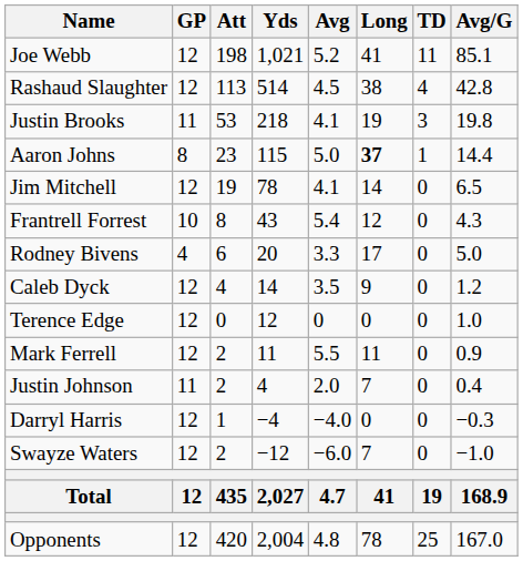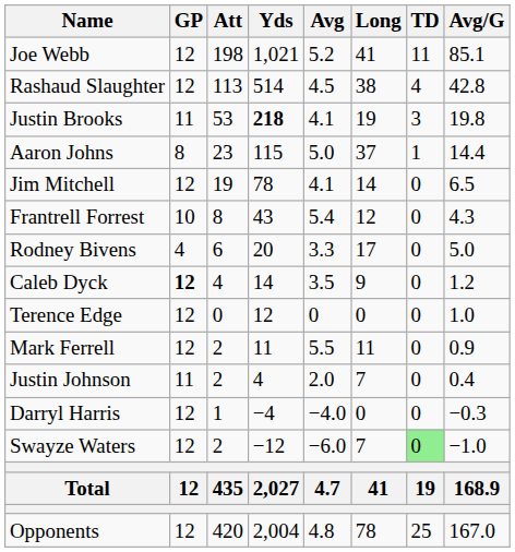 <table class="wikitable" style="white-space:nowrap;" style="text-align:center;">
 <tr>
 <th>Name</th>
 <th>GP</th>
 <th>Att</th>
 <th>Yds</th>
 <th>Avg</th>
 <th>Long</th>
 <th>TD</th>
 <th>Avg/G</th>
 </tr>
 <tr>
 <td align=left>Joe Webb</td>
 <td>12</td>
 <td>198</td>
 <td>1,021</td>
 <td>5.2</td>
 <td>41</td>
 <td>11</td>
 <td>85.1</td>
 </tr>
 <tr>
 <td align=left>Rashaud Slaughter</td>
 <td>12</td>
 <td>113</td>
 <td>514</td>
 <td>4.5</td>
 <td>38</td>
 <td>4</td>
 <td>42.8</td>
 </tr>
 <tr>
 <td align=left>Justin Brooks</td>
 <td>11</td>
 <td>53</td>
-<td>218</td>
+<td><strong>218</strong></td>
 <td>4.1</td>
 <td>19</td>
 <td>3</td>
 <td>19.8</td>
 </tr>
 <tr>
 <td align=left>Aaron Johns</td>
 <td>8</td>
 <td>23</td>
 <td>115</td>
 <td>5.0</td>
-<td><strong>37</strong></td>
+<td>37</td>
 <td>1</td>
 <td>14.4</td>
 </tr>
 <tr>
 <td align=left>Jim Mitchell</td>
 <td>12</td>
 <td>19</td>
 <td>78</td>
 <td>4.1</td>
 <td>14</td>
 <td>0</td>
 <td>6.5</td>
 </tr>
 <tr>
 <td align=left>Frantrell Forrest</td>
 <td>10</td>
 <td>8</td>
 <td>43</td>
 <td>5.4</td>
 <td>12</td>
 <td>0</td>
 <td>4.3</td>
 </tr>
 <tr>
 <td align=left>Rodney Bivens</td>
 <td>4</td>
 <td>6</td>
 <td>20</td>
 <td>3.3</td>
 <td>17</td>
 <td>0</td>
 <td>5.0</td>
 </tr>
 <tr>
 <td align=left>Caleb Dyck</td>
-<td>12</td>
+<td><strong>12</strong></td>
 <td>4</td>
 <td>14</td>
 <td>3.5</td>
 <td>9</td>
 <td>0</td>
 <td>1.2</td>
 </tr>
 <tr>
 <td align=left>Terence Edge</td>
 <td>12</td>
 <td>0</td>
 <td>12</td>
 <td>0</td>
 <td>0</td>
 <td>0</td>
 <td>1.0</td>
 </tr>
 <tr>
 <td align=left>Mark Ferrell</td>
 <td>12</td>
 <td>2</td>
 <td>11</td>
 <td>5.5</td>
 <td>11</td>
 <td>0</td>
 <td>0.9</td>
 </tr>
 <tr>
 <td align=left>Justin Johnson</td>
 <td>11</td>
 <td>2</td>
 <td>4</td>
 <td>2.0</td>
 <td>7</td>
 <td>0</td>
 <td>0.4</td>
 </tr>
 <tr>
 <td align=left>Darryl Harris</td>
 <td>12</td>
 <td>1</td>
 <td>−4</td>
 <td>−4.0</td>
 <td>0</td>
 <td>0</td>
 <td>−0.3</td>
 </tr>
 <tr>
 <td align=left>Swayze Waters</td>
 <td>12</td>
 <td>2</td>
 <td>−12</td>
 <td>−6.0</td>
 <td>7</td>
-<td>0</td>
+<td style="background: lightgreen;">0</td>
 <td>−1.0</td>
 </tr>
 <tr>
 <th colspan=8></th>
 </tr>
 <tr>
 <th>Total</th>
 <th>12</th>
 <th>435</th>
 <th>2,027</th>
 <th>4.7</th>
 <th>41</th>
 <th>19</th>
 <th>168.9</th>
 </tr>
 <tr>
 <th colspan=8></th>
 </tr>
 <tr>
 <td align=left>Opponents</td>
 <td>12</td>
 <td>420</td>
 <td>2,004</td>
 <td>4.8</td>
 <td>78</td>
 <td>25</td>
 <td>167.0</td>
 </tr>
 </table>
